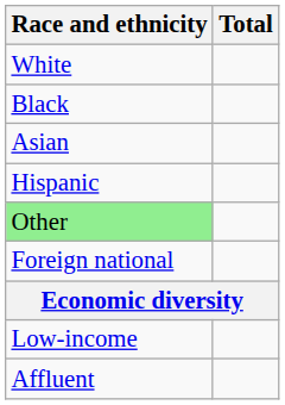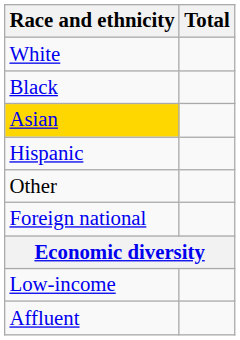 <table class="wikitable floatright sortable collapsible"; text-align:right; font-size:80%;">
 <tr>
 <th>Race and ethnicity</th>
 <th colspan="2" data-sort-type=number>Total</th>
 </tr>
 <tr>
 <td><a href='#'>White</a></td>
 <td align=right></td>
 </tr>
 <tr>
 <td><a href='#'>Black</a></td>
 <td align=right></td>
 </tr>
 <tr>
-<td><a href='#'>Asian</a></td>
+<td style="background: gold;"><a href='#'>Asian</a></td>
 <td align=right></td>
 </tr>
 <tr>
 <td><a href='#'>Hispanic</a></td>
 <td align=right></td>
 </tr>
 <tr>
-<td style="background: lightgreen;">Other</td>
+<td>Other</td>
 <td align=right></td>
 </tr>
 <tr>
 <td><a href='#'>Foreign national</a></td>
 <td align=right></td>
 </tr>
 <tr>
 <th colspan="4" data-sort-type=number><a href='#'>Economic diversity</a></th>
 </tr>
 <tr>
 <td><a href='#'>Low-income</a></td>
 <td align=right></td>
 </tr>
 <tr>
 <td><a href='#'>Affluent</a></td>
 <td align=right></td>
 </tr>
 </table>
